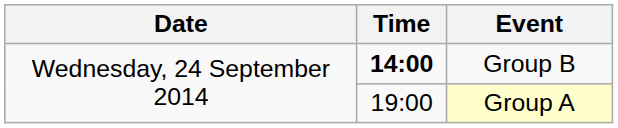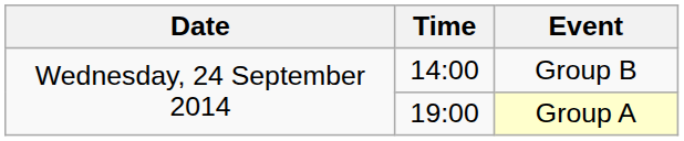 <table class = "wikitable" style="text-align:center;">
 <tr>
 <th width=220>Date</th>
 <th width=50>Time</th>
 <th width=100>Event</th>
 </tr>
 <tr>
 <td rowspan=2>Wednesday, 24 September 2014</td>
-<td><strong>14:00</strong></td>
+<td>14:00</td>
 <td>Group B</td>
 </tr>
 <tr>
 <td>19:00</td>
 <td bgcolor=ffffcc>Group A</td>
 </tr>
 </table>
